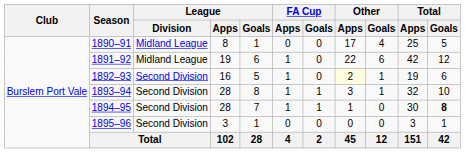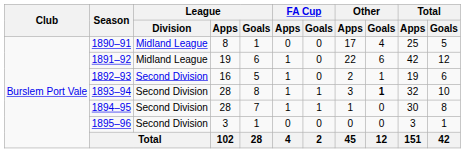 <table class="wikitable" style="text-align:center">
 <tr>
 <th rowspan="2">Club</th>
 <th rowspan="2">Season</th>
 <th colspan="3">League</th>
 <th colspan="2"><a href='#'>FA Cup</a></th>
 <th colspan="2">Other</th>
 <th colspan="2">Total</th>
 </tr>
 <tr>
 <th>Division</th>
 <th>Apps</th>
 <th>Goals</th>
 <th>Apps</th>
 <th>Goals</th>
 <th>Apps</th>
 <th>Goals</th>
 <th>Apps</th>
 <th>Goals</th>
 </tr>
 <tr>
 <td rowspan="7"><a href='#'>Burslem Port Vale</a></td>
 <td><a href='#'>1890–91</a></td>
 <td><a href='#'>Midland League</a></td>
 <td>8</td>
 <td>1</td>
 <td>0</td>
 <td>0</td>
 <td>17</td>
 <td>4</td>
 <td>25</td>
 <td>5</td>
 </tr>
 <tr>
 <td><a href='#'>1891–92</a></td>
 <td>Midland League</td>
 <td>19</td>
 <td>6</td>
 <td>1</td>
 <td>0</td>
 <td>22</td>
 <td>6</td>
 <td>42</td>
 <td>12</td>
 </tr>
 <tr>
 <td><a href='#'>1892–93</a></td>
 <td><a href='#'>Second Division</a></td>
 <td>16</td>
 <td>5</td>
 <td>1</td>
 <td>0</td>
-<td style="background: lightyellow;">2</td>
+<td>2</td>
 <td>1</td>
 <td>19</td>
 <td>6</td>
 </tr>
 <tr>
 <td><a href='#'>1893–94</a></td>
 <td>Second Division</td>
 <td>28</td>
 <td>8</td>
 <td>1</td>
 <td>1</td>
 <td>3</td>
-<td>1</td>
+<td><strong>1</strong></td>
 <td>32</td>
 <td>10</td>
 </tr>
 <tr>
 <td><a href='#'>1894–95</a></td>
 <td>Second Division</td>
 <td>28</td>
 <td>7</td>
 <td>1</td>
 <td>1</td>
 <td>1</td>
 <td>0</td>
 <td>30</td>
-<td><strong>8</strong></td>
+<td>8</td>
 </tr>
 <tr>
 <td><a href='#'>1895–96</a></td>
 <td>Second Division</td>
 <td>3</td>
 <td>1</td>
 <td>0</td>
 <td>0</td>
 <td>0</td>
 <td>0</td>
 <td>3</td>
 <td>1</td>
 </tr>
 <tr>
 <th colspan="2">Total</th>
 <th>102</th>
 <th>28</th>
 <th>4</th>
 <th>2</th>
 <th>45</th>
 <th>12</th>
 <th>151</th>
 <th>42</th>
 </tr>
 </table>
